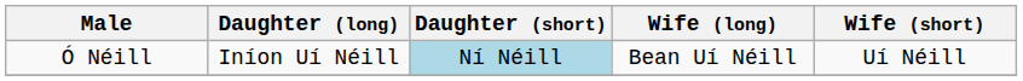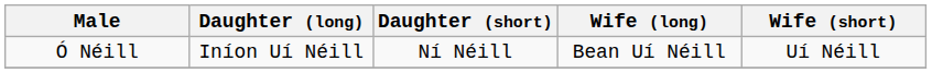 <table class="wikitable" style="text-align:right">
 <tr>
 <th width=20%>Male</th>
 <th width=20%>Daughter <small>(long)</small></th>
 <th width=20%>Daughter <small>(short)</small></th>
 <th width=20%>Wife <small>(long)</small></th>
 <th width=20%>Wife <small>(short)</small></th>
 </tr>
 <tr>
 <td align="center">Ó Néill</td>
 <td align="center">Iníon Uí Néill</td>
-<td align="center" style="background: lightblue;">Ní Néill</td>
+<td align="center">Ní Néill</td>
 <td align="center">Bean Uí Néill</td>
 <td align="center">Uí Néill</td>
 </tr>
 <tr>
 </tr>
 </table>
